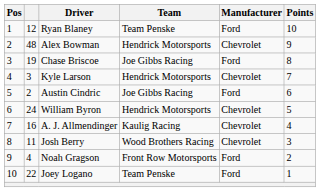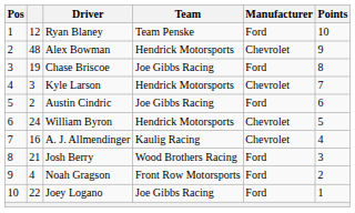 <table class="wikitable" style="font-size:98%">
 <tr>
 <th>Pos</th>
 <th></th>
 <th>Driver</th>
 <th>Team</th>
 <th>Manufacturer</th>
 <th>Points</th>
 </tr>
 <tr>
 <td>1</td>
 <td>12</td>
 <td>Ryan Blaney</td>
 <td>Team Penske</td>
 <td>Ford</td>
 <td>10</td>
 </tr>
 <tr>
 <td>2</td>
 <td>48</td>
 <td>Alex Bowman</td>
 <td>Hendrick Motorsports</td>
 <td>Chevrolet</td>
 <td>9</td>
 </tr>
 <tr>
 <td>3</td>
 <td>19</td>
 <td>Chase Briscoe</td>
 <td>Joe Gibbs Racing</td>
 <td>Ford</td>
 <td>8</td>
 </tr>
 <tr>
 <td>4</td>
 <td>3</td>
 <td>Kyle Larson</td>
 <td>Hendrick Motorsports</td>
 <td>Chevrolet</td>
 <td>7</td>
 </tr>
 <tr>
 <td>5</td>
 <td>2</td>
 <td>Austin Cindric</td>
 <td>Joe Gibbs Racing</td>
 <td>Ford</td>
 <td>6</td>
 </tr>
 <tr>
 <td>6</td>
 <td>24</td>
 <td>William Byron</td>
 <td>Hendrick Motorsports</td>
 <td>Chevrolet</td>
 <td>5</td>
 </tr>
 <tr>
 <td>7</td>
 <td>16</td>
 <td>A. J. Allmendinger</td>
 <td>Kaulig Racing</td>
 <td>Chevrolet</td>
 <td>4</td>
 </tr>
 <tr>
 <td>8</td>
-<td>11</td>
+<td>21</td>
 <td>Josh Berry</td>
 <td>Wood Brothers Racing</td>
-<td>Chevrolet</td>
+<td>Ford</td>
 <td>3</td>
 </tr>
 <tr>
 <td>9</td>
 <td>4</td>
 <td>Noah Gragson</td>
 <td>Front Row Motorsports</td>
 <td>Ford</td>
 <td>2</td>
 </tr>
 <tr>
 <td>10</td>
 <td>22</td>
 <td>Joey Logano</td>
-<td>Team Penske</td>
+<td>Joe Gibbs Racing</td>
 <td>Ford</td>
 <td>1</td>
 </tr>
 <tr>
 <th colspan="6"></th>
 </tr>
 </table>
